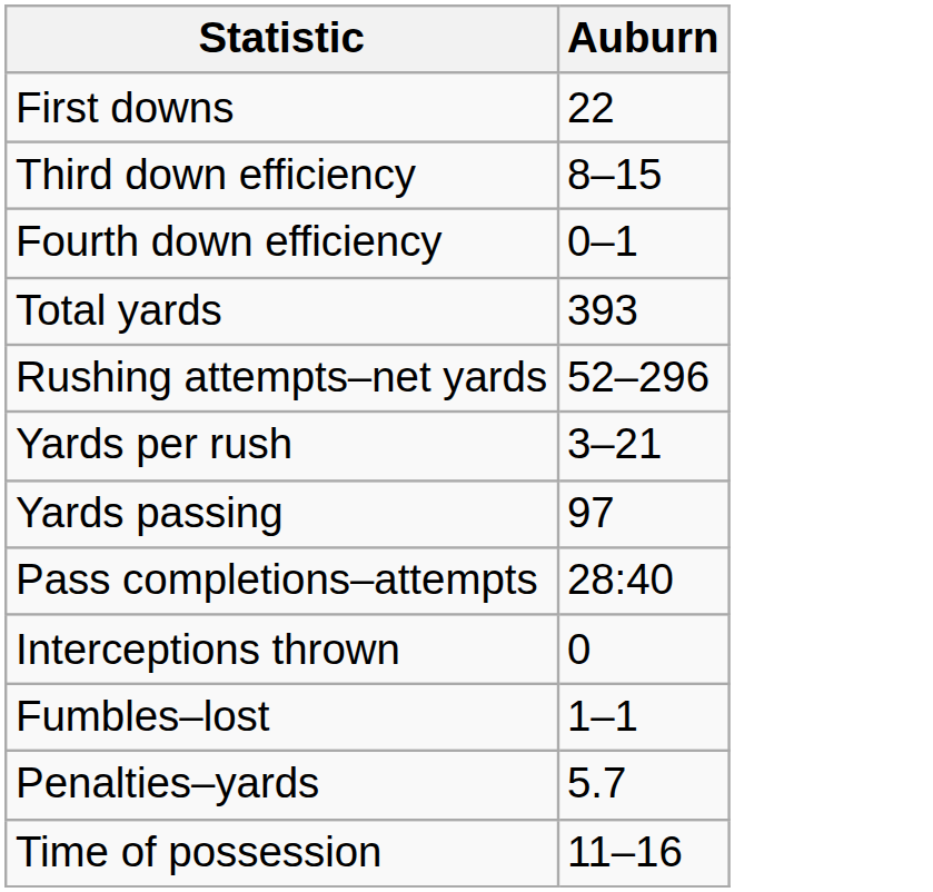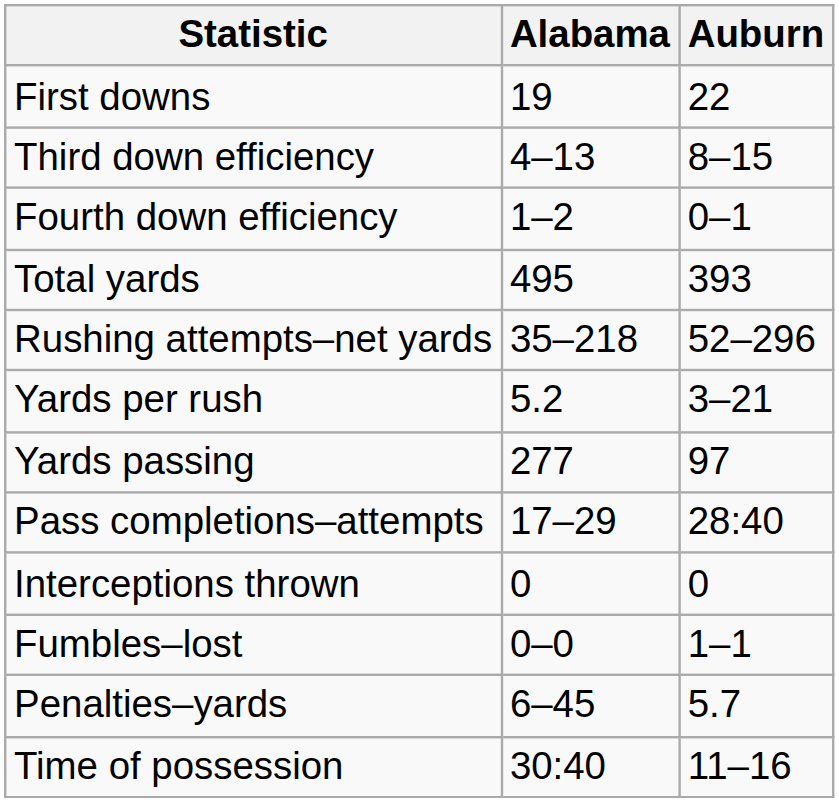 <table class="wikitable">
 <tr>
 <th>Statistic</th>
+<th><strong>Alabama</strong></th>
 <th><strong>Auburn</strong></th>
 </tr>
 <tr>
 <td>First downs</td>
+<td>19</td>
 <td>22</td>
 </tr>
 <tr>
 <td>Third down efficiency</td>
+<td>4–13</td>
 <td>8–15</td>
 </tr>
 <tr>
 <td>Fourth down efficiency</td>
+<td>1–2</td>
 <td>0–1</td>
 </tr>
 <tr>
 <td>Total yards</td>
+<td>495</td>
 <td>393</td>
 </tr>
 <tr>
 <td>Rushing attempts–net yards</td>
+<td>35–218</td>
 <td>52–296</td>
 </tr>
 <tr>
 <td>Yards per rush</td>
+<td>5.2</td>
 <td>3–21</td>
 </tr>
 <tr>
 <td>Yards passing</td>
+<td>277</td>
 <td>97</td>
 </tr>
 <tr>
 <td>Pass completions–attempts</td>
+<td>17–29</td>
 <td>28:40</td>
 </tr>
 <tr>
 <td>Interceptions thrown</td>
 <td>0</td>
+<td>0</td>
 </tr>
 <tr>
 <td>Fumbles–lost</td>
+<td>0–0</td>
 <td>1–1</td>
 </tr>
 <tr>
 <td>Penalties–yards</td>
+<td>6–45</td>
 <td>5.7</td>
 </tr>
 <tr>
 <td>Time of possession</td>
+<td>30:40</td>
 <td>11–16</td>
 </tr>
 </table>
